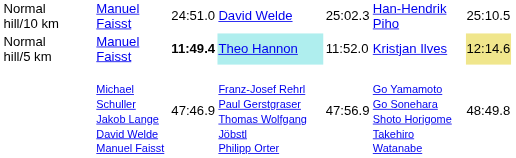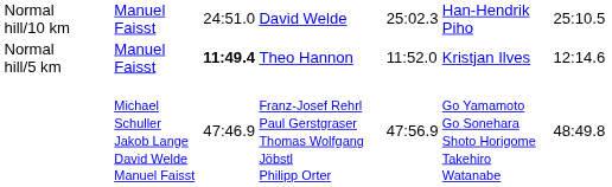 <table>
 <tr>
 <td>Normal hill/10 km</td>
 <td><a href='#'>Manuel Faisst</a><br></td>
 <td>24:51.0</td>
 <td><a href='#'>David Welde</a><br></td>
 <td>25:02.3</td>
 <td><a href='#'>Han-Hendrik Piho</a><br></td>
 <td>25:10.5</td>
 </tr>
 <tr>
 <td>Normal hill/5 km</td>
 <td><a href='#'>Manuel Faisst</a><br></td>
 <td><strong>11:49.4</strong></td>
-<td style="background: paleturquoise;"><a href='#'>Theo Hannon</a><br></td>
+<td><a href='#'>Theo Hannon</a><br></td>
 <td>11:52.0</td>
 <td><a href='#'>Kristjan Ilves</a><br></td>
-<td style="background: khaki;">12:14.6</td>
+<td>12:14.6</td>
 </tr>
 <tr>
 <td></td>
 <td><br><small><a href='#'>Michael Schuller</a><br><a href='#'>Jakob Lange</a><br><a href='#'>David Welde</a><br><a href='#'>Manuel Faisst</a></small></td>
 <td>47:46.9</td>
 <td><br><small><a href='#'>Franz-Josef Rehrl</a><br><a href='#'>Paul Gerstgraser</a><br><a href='#'>Thomas Wolfgang Jöbstl</a><br><a href='#'>Philipp Orter</a></small></td>
 <td>47:56.9</td>
 <td><br><small><a href='#'>Go Yamamoto</a><br><a href='#'>Go Sonehara</a><br><a href='#'>Shoto Horigome</a><br><a href='#'>Takehiro Watanabe</a></small></td>
 <td>48:49.8</td>
 </tr>
 <tr>
 </tr>
 </table>
